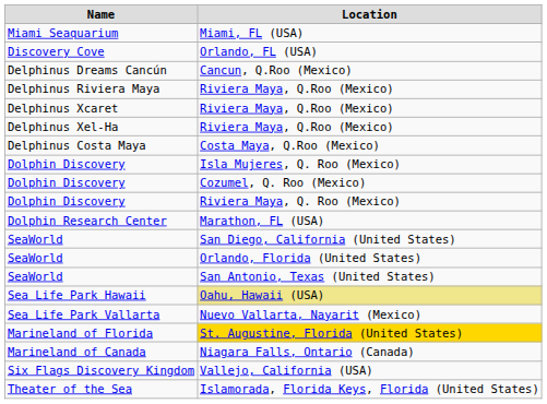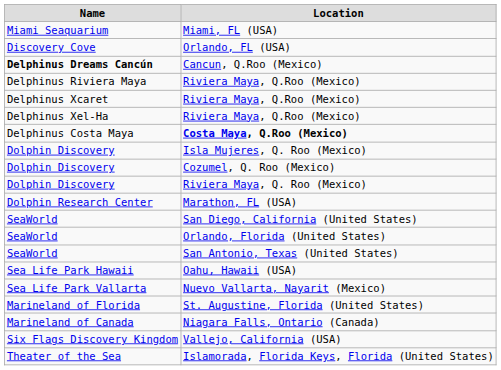 <table class="wikitable">
 <tr>
 <th style="background:#ddd;">Name</th>
 <th style="background:#ddd;">Location</th>
 </tr>
 <tr>
 <td><a href='#'>Miami Seaquarium</a></td>
 <td><a href='#'>Miami, FL</a> (USA)</td>
 </tr>
 <tr>
 <td><a href='#'>Discovery Cove</a></td>
 <td><a href='#'>Orlando, FL</a> (USA)</td>
 </tr>
 <tr>
-<td>Delphinus Dreams Cancún</td>
+<td><strong>Delphinus Dreams Cancún</strong></td>
 <td><a href='#'>Cancun</a>, Q.Roo (Mexico)</td>
 </tr>
 <tr>
 <td>Delphinus Riviera Maya</td>
 <td><a href='#'>Riviera Maya</a>, Q.Roo (Mexico)</td>
 </tr>
 <tr>
 <td>Delphinus Xcaret</td>
 <td><a href='#'>Riviera Maya</a>, Q.Roo (Mexico)</td>
 </tr>
 <tr>
 <td>Delphinus Xel-Ha</td>
 <td><a href='#'>Riviera Maya</a>, Q.Roo (Mexico)</td>
 </tr>
 <tr>
 <td>Delphinus Costa Maya</td>
-<td><a href='#'>Costa Maya</a>, Q.Roo (Mexico)</td>
+<td><strong><a href='#'>Costa Maya</a>, Q.Roo (Mexico)</strong></td>
 </tr>
 <tr>
 <td><a href='#'>Dolphin Discovery</a></td>
 <td><a href='#'>Isla Mujeres</a>, Q. Roo (Mexico)</td>
 </tr>
 <tr>
 <td><a href='#'>Dolphin Discovery</a></td>
 <td><a href='#'>Cozumel</a>, Q. Roo (Mexico)</td>
 </tr>
 <tr>
 <td><a href='#'>Dolphin Discovery</a></td>
 <td><a href='#'>Riviera Maya</a>, Q. Roo (Mexico)</td>
 </tr>
 <tr>
 <td><a href='#'>Dolphin Research Center</a></td>
 <td><a href='#'>Marathon, FL</a> (USA)</td>
 </tr>
 <tr>
 <td><a href='#'>SeaWorld</a></td>
 <td><a href='#'>San Diego, California</a> (United States)</td>
 </tr>
 <tr>
 <td><a href='#'>SeaWorld</a></td>
 <td><a href='#'>Orlando, Florida</a> (United States)</td>
 </tr>
 <tr>
 <td><a href='#'>SeaWorld</a></td>
 <td><a href='#'>San Antonio, Texas</a> (United States)</td>
 </tr>
 <tr>
 <td><a href='#'>Sea Life Park Hawaii</a></td>
-<td style="background: khaki;"><a href='#'>Oahu, Hawaii</a> (USA)</td>
+<td><a href='#'>Oahu, Hawaii</a> (USA)</td>
 </tr>
 <tr>
 <td><a href='#'>Sea Life Park Vallarta</a></td>
 <td><a href='#'>Nuevo Vallarta, Nayarit</a> (Mexico)</td>
 </tr>
 <tr>
 <td><a href='#'>Marineland of Florida</a></td>
-<td style="background: gold;"><a href='#'>St. Augustine, Florida</a> (United States)</td>
+<td><a href='#'>St. Augustine, Florida</a> (United States)</td>
 </tr>
 <tr>
 <td><a href='#'>Marineland of Canada</a></td>
 <td><a href='#'>Niagara Falls, Ontario</a> (Canada)</td>
 </tr>
 <tr>
 <td><a href='#'>Six Flags Discovery Kingdom</a></td>
 <td><a href='#'>Vallejo, California</a> (USA)</td>
 </tr>
 <tr>
 <td><a href='#'>Theater of the Sea</a></td>
 <td><a href='#'>Islamorada</a>, <a href='#'>Florida Keys</a>, <a href='#'>Florida</a> (United States)</td>
 </tr>
 </table>
